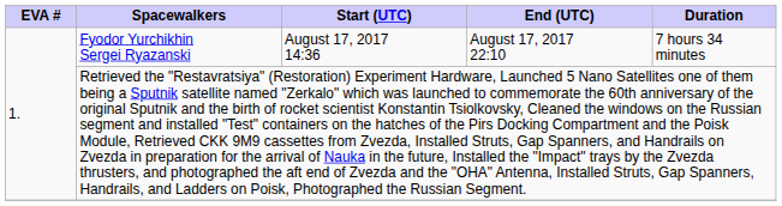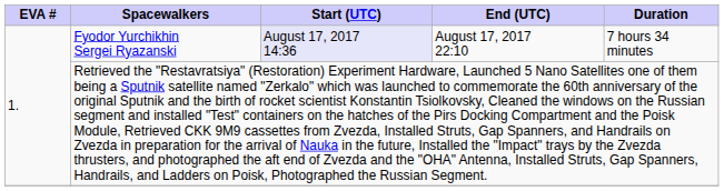 <table class="wikitable">
 <tr bgcolor="#cfccfc">
 <td scope="col" width="100" align="center"><strong>EVA #</strong></td>
 <td scope="col" width="300" align="center"><strong>Spacewalkers</strong></td>
 <td scope="col" width="300" align="center"><strong>Start (<a href='#'>UTC</a>)</strong></td>
 <td scope="col" width="300" align="center"><strong>End (UTC)</strong></td>
 <td scope="col" width="175" align="center"><strong>Duration</strong></td>
 </tr>
 <tr>
 <td rowspan="2">1.</td>
 <td> <a href='#'>Fyodor Yurchikhin</a><br> <a href='#'>Sergei Ryazanski</a></td>
-<td>August 17, 2017<br>14:36</td>
+<td style="background: lavender;">August 17, 2017<br>14:36</td>
 <td>August 17, 2017<br>22:10</td>
 <td>7 hours 34 minutes</td>
 </tr>
 <tr>
 <td colspan="4">Retrieved the "Restavratsiya" (Restoration) Experiment Hardware, Launched 5 Nano Satellites one of them being a <a href='#'>Sputnik</a> satellite named "Zerkalo" which was launched to commemorate the 60th anniversary of the original Sputnik and the birth of rocket scientist Konstantin Tsiolkovsky, Cleaned the windows on the Russian segment and installed "Test" containers on the hatches of the Pirs Docking Compartment and the Poisk Module, Retrieved CKK 9M9 cassettes from Zvezda, Installed Struts, Gap Spanners, and Handrails on Zvezda in preparation for the arrival of <a href='#'>Nauka</a> in the future, Installed the "Impact" trays by the Zvezda thrusters, and photographed the aft end of Zvezda and the "OHA" Antenna, Installed Struts, Gap Spanners, Handrails, and Ladders on Poisk, Photographed the Russian Segment.</td>
 </tr>
 <tr>
 </tr>
 </table>
